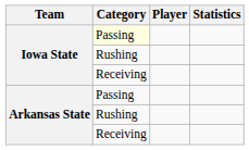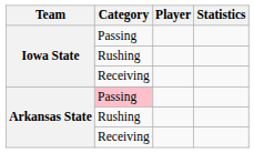 <table class="wikitable" style="float:right">
 <tr>
 <th>Team</th>
 <th>Category</th>
 <th>Player</th>
 <th>Statistics</th>
 </tr>
 <tr>
 <th rowspan=3>Iowa State</th>
-<td style="background: lightyellow;">Passing</td>
+<td>Passing</td>
 <td></td>
 <td></td>
 </tr>
 <tr>
 <td>Rushing</td>
 <td></td>
 <td></td>
 </tr>
 <tr>
 <td>Receiving</td>
 <td></td>
 <td></td>
 </tr>
 <tr>
 <th rowspan=3>Arkansas State</th>
-<td>Passing</td>
+<td style="background: pink;">Passing</td>
 <td></td>
 <td></td>
 </tr>
 <tr>
 <td>Rushing</td>
 <td></td>
 <td></td>
 </tr>
 <tr>
 <td>Receiving</td>
 <td></td>
 <td></td>
 </tr>
 </table>
